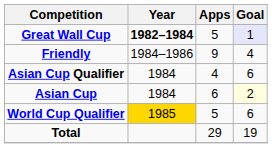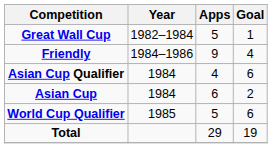 <table class="wikitable" style="font-size:90%; text-align: center;">
 <tr>
 <th>Competition</th>
 <th>Year</th>
 <th>Apps</th>
 <th>Goal</th>
 </tr>
 <tr>
 <td rowspan=1><strong><a href='#'>Great Wall Cup</a></strong></td>
-<td><strong>1982–1984</strong></td>
+<td>1982–1984</td>
 <td>5</td>
-<td style="background: lavender;">1</td>
+<td>1</td>
 </tr>
 <tr>
 <td rowspan=1><strong><a href='#'>Friendly</a></strong></td>
 <td>1984–1986</td>
 <td>9</td>
 <td>4</td>
 </tr>
 <tr>
 <td rowspan=1><strong><a href='#'>Asian Cup</a> Qualifier</strong></td>
 <td>1984</td>
 <td>4</td>
 <td>6</td>
 </tr>
 <tr>
 <td rowspan=1><strong><a href='#'>Asian Cup</a></strong></td>
 <td>1984</td>
 <td>6</td>
-<td style="background: lightyellow;">2</td>
+<td>2</td>
 </tr>
 <tr>
 <td rowspan=1><strong><a href='#'>World Cup Qualifier</a></strong></td>
-<td style="background: gold;">1985</td>
+<td>1985</td>
 <td>5</td>
 <td>6</td>
 </tr>
 <tr>
 <td rowspan=1><strong>Total</strong></td>
 <td></td>
 <td>29</td>
 <td>19</td>
 </tr>
 <tr>
 </tr>
 </table>
